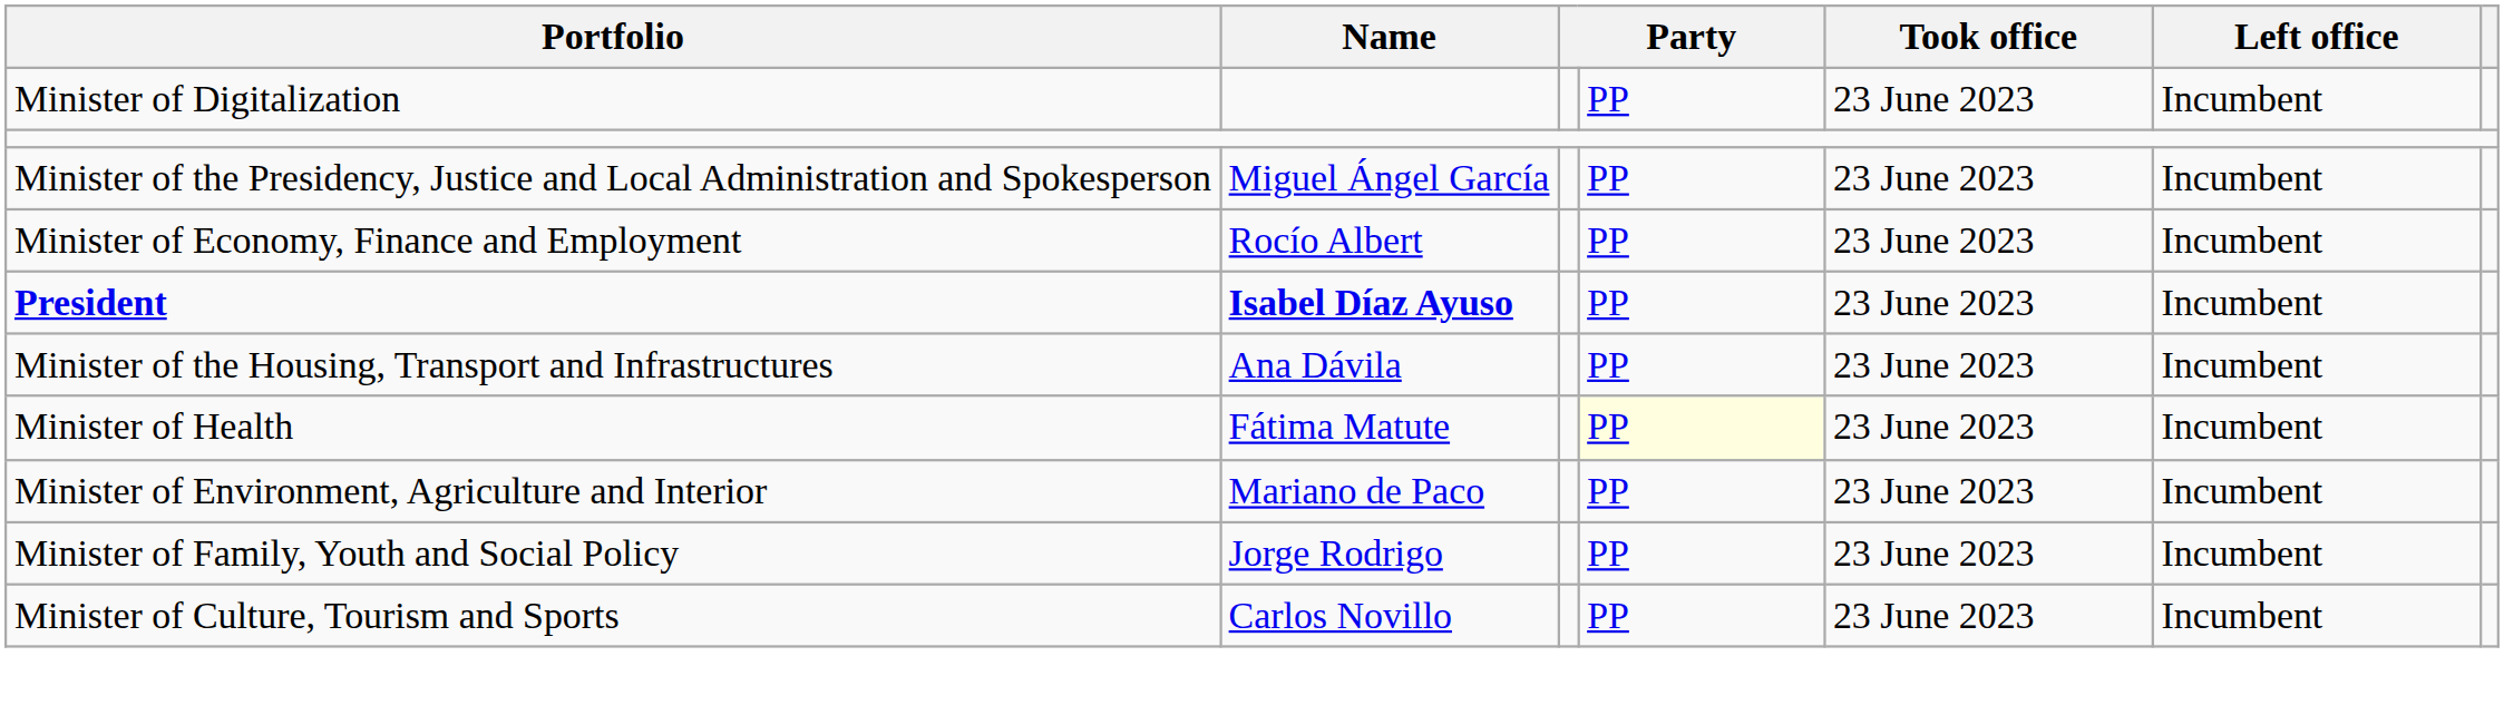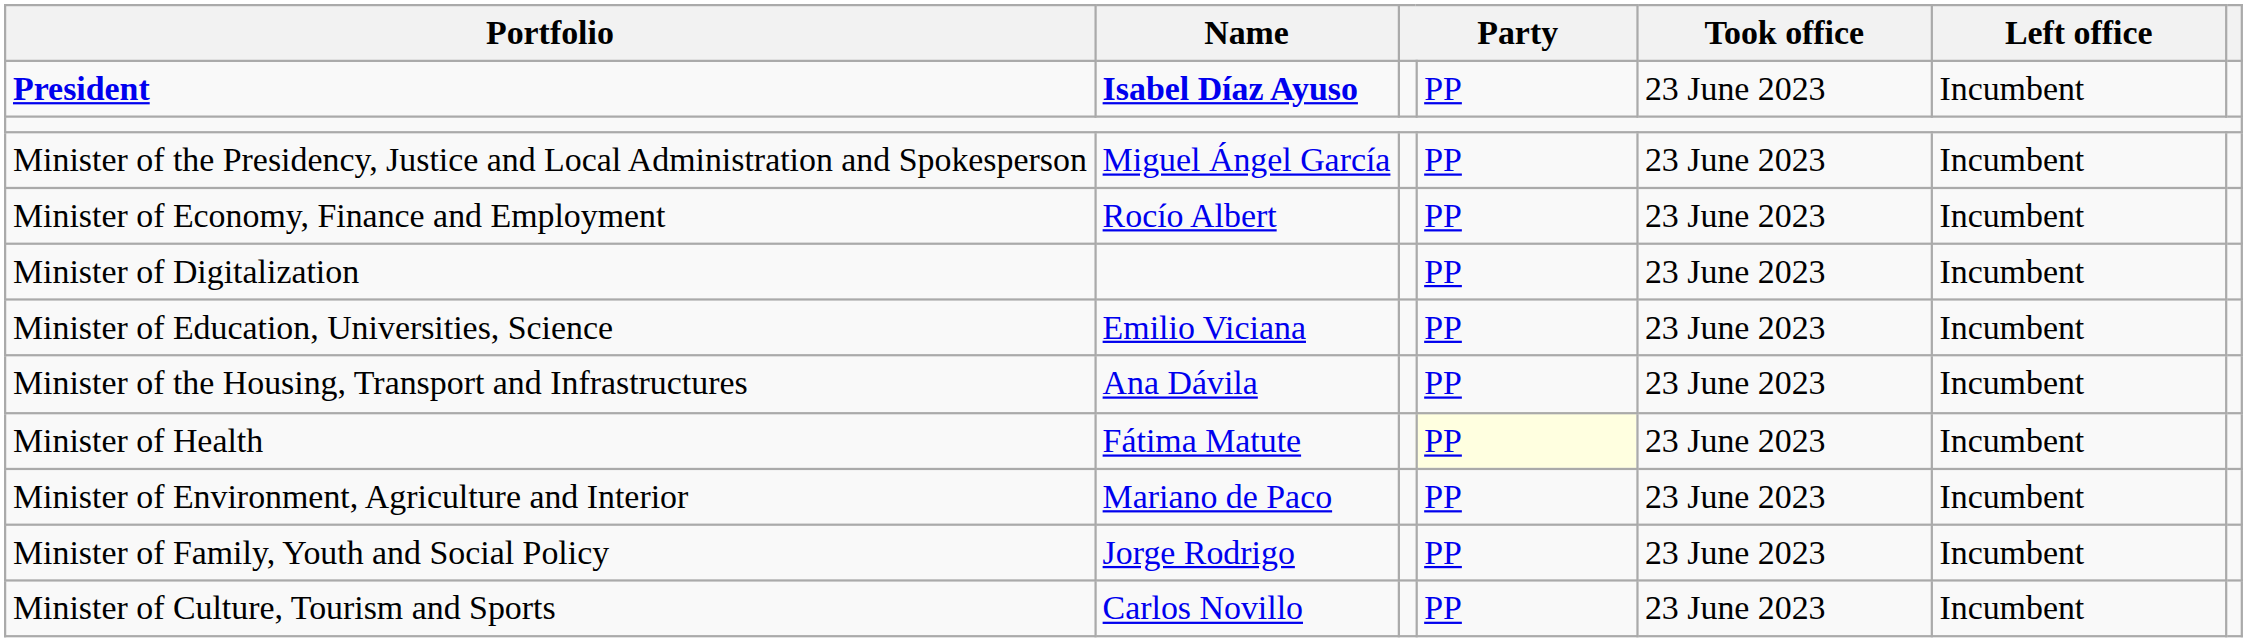 <table class="wikitable" style="font-size:95%;">
 <tr>
 <th>Portfolio</th>
 <th>Name</th>
 <th width="100px" colspan="2">Party</th>
 <th width="125px">Took office</th>
 <th width="125px">Left office</th>
 <th></th>
 </tr>
 <tr>
-<td>Minister of Digitalization</td>
-<td></td>
-<td style="background-color:"></td>
+<td><strong><a href='#'>President</a></strong></td>
+<td><strong><a href='#'>Isabel Díaz Ayuso</a></strong></td>
+<td width="1" style="background-color:"></td>
 <td><a href='#'>PP</a></td>
 <td>23 June 2023</td>
 <td>Incumbent</td>
 <td align="center"></td>
 </tr>
 <tr>
 <td colspan="7"></td>
 </tr>
 <tr>
 <td>Minister of the Presidency, Justice and Local Administration and Spokesperson</td>
 <td><a href='#'>Miguel Ángel García</a></td>
 <td style="background-color:"></td>
 <td><a href='#'>PP</a></td>
 <td>23 June 2023</td>
 <td>Incumbent</td>
 <td align="center"></td>
 </tr>
 <tr>
 <td>Minister of Economy, Finance and Employment</td>
 <td><a href='#'>Rocío Albert</a></td>
 <td style="background-color:"></td>
 <td><a href='#'>PP</a></td>
 <td>23 June 2023</td>
 <td>Incumbent</td>
 <td align="center"></td>
 </tr>
 <tr>
-<td><strong><a href='#'>President</a></strong></td>
-<td><strong><a href='#'>Isabel Díaz Ayuso</a></strong></td>
-<td width="1" style="background-color:"></td>
+<td>Minister of Digitalization</td>
+<td></td>
+<td style="background-color:"></td>
 <td><a href='#'>PP</a></td>
+<td>23 June 2023</td>
+<td>Incumbent</td>
+<td align="center"></td>
+</tr>
+<tr>
+<td>Minister of Education, Universities, Science</td>
+<td><a href='#'>Emilio Viciana</a></td>
+<td style="background-color:"></td>
+<td><a href='#'>PP</a> </td>
 <td>23 June 2023</td>
 <td>Incumbent</td>
 <td align="center"></td>
 </tr>
 <tr>
 <td>Minister of the Housing, Transport and Infrastructures</td>
 <td><a href='#'>Ana Dávila</a></td>
 <td style="background-color:"></td>
 <td><a href='#'>PP</a></td>
 <td>23 June 2023</td>
 <td>Incumbent</td>
 <td align="center"></td>
 </tr>
 <tr>
 <td>Minister of Health</td>
 <td><a href='#'>Fátima Matute</a></td>
 <td style="background-color:"></td>
 <td style="background: lightyellow;"><a href='#'>PP</a> </td>
 <td>23 June 2023</td>
 <td>Incumbent</td>
 <td align="center"></td>
 </tr>
 <tr>
 <td>Minister of Environment, Agriculture and Interior</td>
 <td><a href='#'>Mariano de Paco</a></td>
 <td style="background-color:"></td>
 <td><a href='#'>PP</a></td>
 <td>23 June 2023</td>
 <td>Incumbent</td>
 <td align="center"></td>
 </tr>
 <tr>
 <td>Minister of Family, Youth and Social Policy</td>
 <td><a href='#'>Jorge Rodrigo</a></td>
 <td style="background-color:"></td>
 <td><a href='#'>PP</a></td>
 <td>23 June 2023</td>
 <td>Incumbent</td>
 <td align="center"></td>
 </tr>
 <tr>
 <td>Minister of Culture, Tourism and Sports</td>
 <td><a href='#'>Carlos Novillo</a></td>
 <td style="background-color:"></td>
 <td><a href='#'>PP</a> </td>
 <td>23 June 2023</td>
 <td>Incumbent</td>
 <td align="center"></td>
 </tr>
 </table>
